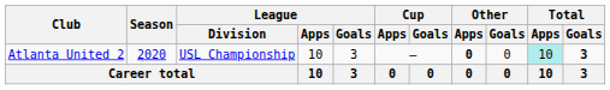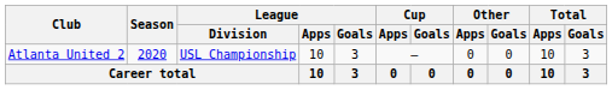 <table class="wikitable" style="text-align: center">
 <tr>
 <th rowspan="2">Club</th>
 <th rowspan="2">Season</th>
 <th colspan="3">League</th>
 <th colspan="2">Cup</th>
 <th colspan="2">Other</th>
 <th colspan="2">Total</th>
 </tr>
 <tr>
 <th>Division</th>
 <th>Apps</th>
 <th>Goals</th>
 <th>Apps</th>
 <th>Goals</th>
 <th>Apps</th>
 <th>Goals</th>
 <th>Apps</th>
 <th>Goals</th>
 </tr>
 <tr>
 <td><a href='#'>Atlanta United 2</a></td>
 <td><a href='#'>2020</a></td>
 <td><a href='#'>USL Championship</a></td>
 <td>10</td>
 <td>3</td>
 <td colspan="2">–</td>
-<td><strong>0</strong></td>
 <td>0</td>
-<td style="background: paleturquoise;">10</td>
-<td><strong>3</strong></td>
+<td>0</td>
+<td>10</td>
+<td>3</td>
 </tr>
 <tr>
 <th colspan="3"><strong>Career total</strong></th>
 <th>10</th>
 <th>3</th>
 <th>0</th>
 <th>0</th>
 <th>0</th>
 <th>0</th>
 <th>10</th>
 <th>3</th>
 </tr>
 </table>
